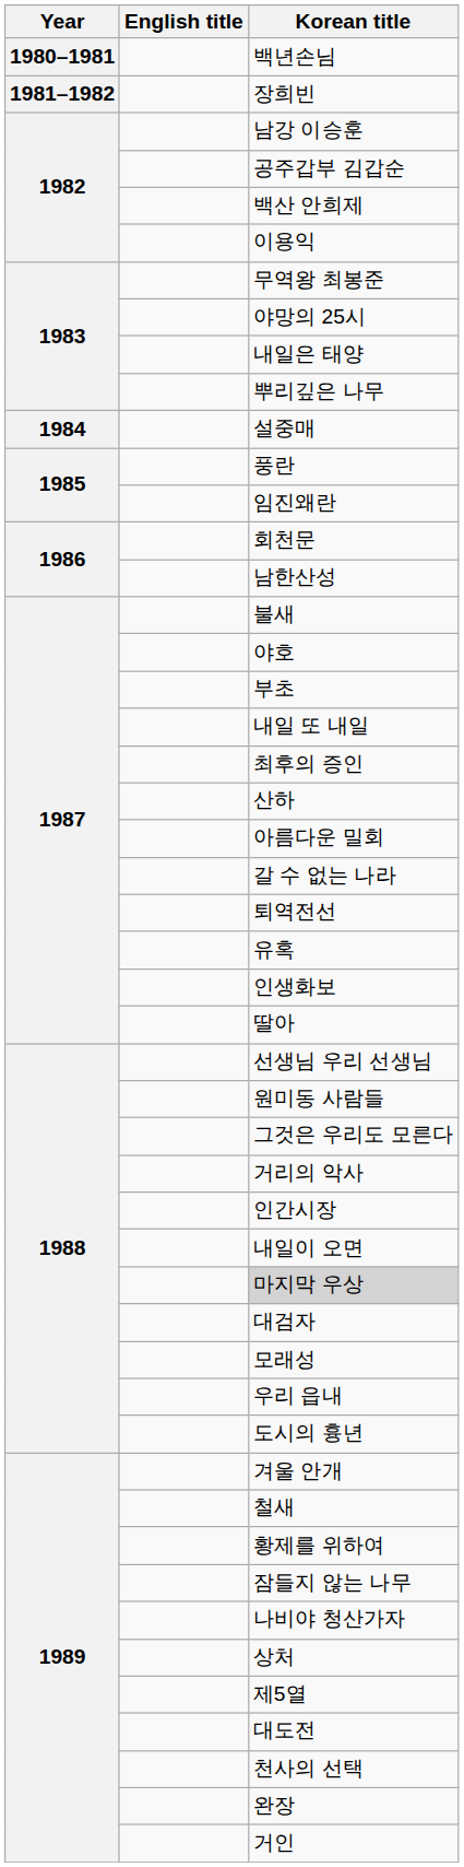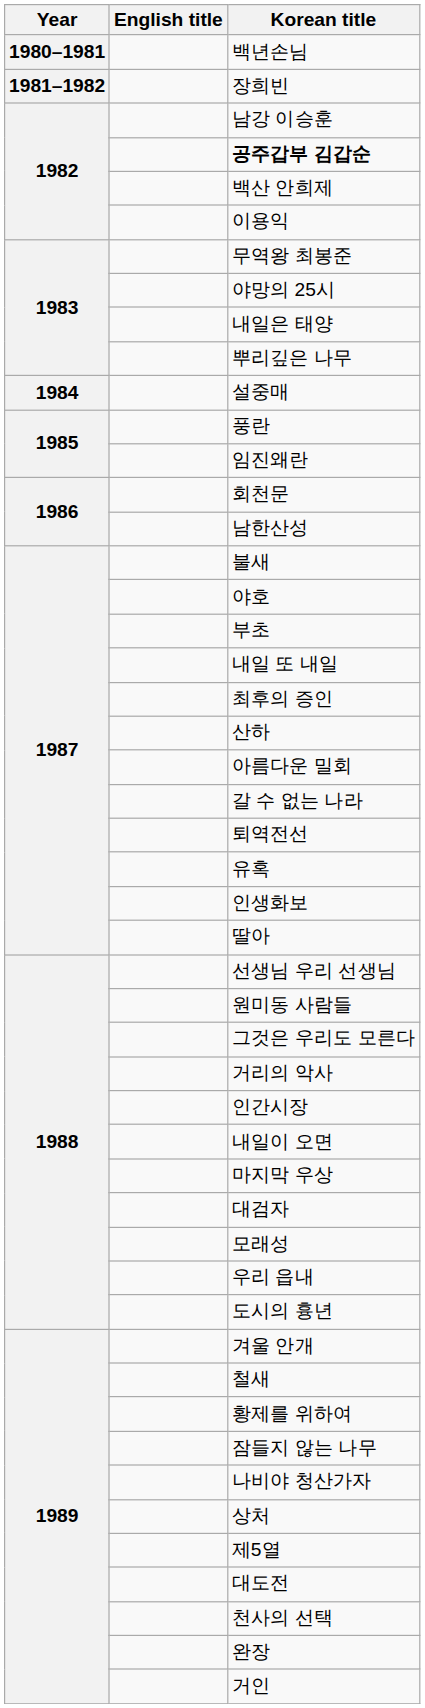 <table class="wikitable sortable plainrowheaders">
 <tr>
 <th scope="col">Year</th>
 <th scope="col">English title</th>
 <th scope="col">Korean title</th>
 </tr>
 <tr>
 <th scope="row">1980–1981</th>
 <td><em></em></td>
 <td>백년손님</td>
 </tr>
 <tr>
 <th scope="row">1981–1982</th>
 <td><em></em></td>
 <td>장희빈</td>
 </tr>
 <tr>
 <th scope="row" rowspan="4">1982</th>
 <td><em></em></td>
 <td>남강 이승훈</td>
 </tr>
 <tr>
 <td><em></em></td>
-<td>공주갑부 김갑순</td>
+<td><strong>공주갑부 김갑순</strong></td>
 </tr>
 <tr>
 <td><em></em></td>
 <td>백산 안희제</td>
 </tr>
 <tr>
 <td><em></em></td>
 <td>이용익</td>
 </tr>
 <tr>
 <th scope="row" rowspan="4">1983</th>
 <td><em></em></td>
 <td>무역왕 최봉준</td>
 </tr>
 <tr>
 <td><em></em></td>
 <td>야망의 25시</td>
 </tr>
 <tr>
 <td><em></em></td>
 <td>내일은 태양</td>
 </tr>
 <tr>
 <td><em></em></td>
 <td>뿌리깊은 나무</td>
 </tr>
 <tr>
 <th scope="row">1984</th>
 <td><em></em></td>
 <td>설중매</td>
 </tr>
 <tr>
 <th scope="row" rowspan="2">1985</th>
 <td><em></em></td>
 <td>풍란</td>
 </tr>
 <tr>
 <td><em></em></td>
 <td>임진왜란</td>
 </tr>
 <tr>
 <th scope="row" rowspan="2">1986</th>
 <td><em></em></td>
 <td>회천문</td>
 </tr>
 <tr>
 <td><em></em></td>
 <td>남한산성</td>
 </tr>
 <tr>
 <th scope="row" rowspan="12">1987</th>
 <td><em></em></td>
 <td>불새</td>
 </tr>
 <tr>
 <td><em></em></td>
 <td>야호</td>
 </tr>
 <tr>
 <td><em></em></td>
 <td>부초</td>
 </tr>
 <tr>
 <td><em></em></td>
 <td>내일 또 내일</td>
 </tr>
 <tr>
 <td><em></em></td>
 <td>최후의 증인</td>
 </tr>
 <tr>
 <td><em></em></td>
 <td>산하</td>
 </tr>
 <tr>
 <td><em></em></td>
 <td>아름다운 밀회</td>
 </tr>
 <tr>
 <td><em></em></td>
 <td>갈 수 없는 나라</td>
 </tr>
 <tr>
 <td><em></em></td>
 <td>퇴역전선</td>
 </tr>
 <tr>
 <td><em></em></td>
 <td>유혹</td>
 </tr>
 <tr>
 <td><em></em></td>
 <td>인생화보</td>
 </tr>
 <tr>
 <td><em></em></td>
 <td>딸아</td>
 </tr>
 <tr>
 <th scope="row" rowspan="11">1988</th>
 <td><em></em></td>
 <td>선생님 우리 선생님</td>
 </tr>
 <tr>
 <td><em></em></td>
 <td>원미동 사람들</td>
 </tr>
 <tr>
 <td><em></em></td>
 <td>그것은 우리도 모른다</td>
 </tr>
 <tr>
 <td><em></em></td>
 <td>거리의 악사</td>
 </tr>
 <tr>
 <td><em></em></td>
 <td>인간시장</td>
 </tr>
 <tr>
 <td><em></em></td>
 <td>내일이 오면</td>
 </tr>
 <tr>
 <td><em></em></td>
-<td style="background: lightgrey;">마지막 우상</td>
+<td>마지막 우상</td>
 </tr>
 <tr>
 <td><em></em></td>
 <td>대검자</td>
 </tr>
 <tr>
 <td><em></em></td>
 <td>모래성</td>
 </tr>
 <tr>
 <td><em></em></td>
 <td>우리 읍내</td>
 </tr>
 <tr>
 <td><em></em></td>
 <td>도시의 흉년</td>
 </tr>
 <tr>
 <th scope="row" rowspan="11">1989</th>
 <td><em></em></td>
 <td>겨울 안개</td>
 </tr>
 <tr>
 <td><em></em></td>
 <td>철새</td>
 </tr>
 <tr>
 <td><em></em></td>
 <td>황제를 위하여</td>
 </tr>
 <tr>
 <td><em></em></td>
 <td>잠들지 않는 나무</td>
 </tr>
 <tr>
 <td><em></em></td>
 <td>나비야 청산가자</td>
 </tr>
 <tr>
 <td><em></em></td>
 <td>상처</td>
 </tr>
 <tr>
 <td><em></em></td>
 <td>제5열</td>
 </tr>
 <tr>
 <td><em></em></td>
 <td>대도전</td>
 </tr>
 <tr>
 <td><em></em></td>
 <td>천사의 선택</td>
 </tr>
 <tr>
 <td><em></em></td>
 <td>완장</td>
 </tr>
 <tr>
 <td><em></em></td>
 <td>거인</td>
 </tr>
 </table>
